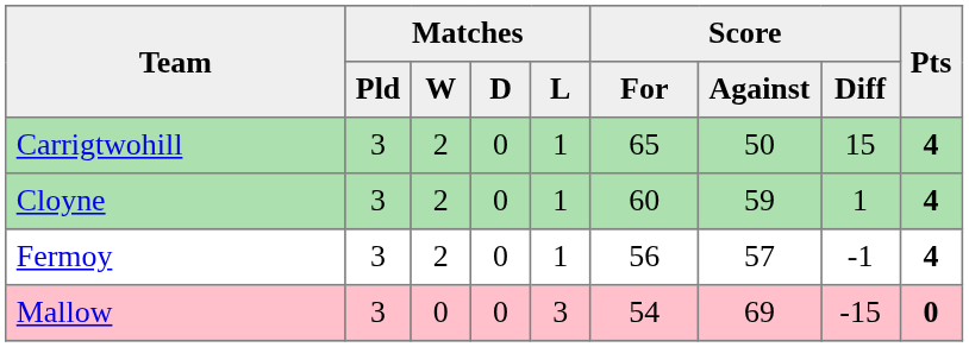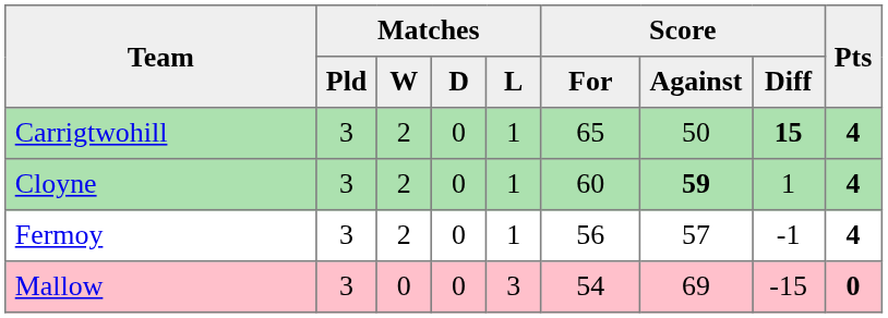 <table style=border-collapse:collapse border=1 cellspacing=0 cellpadding=5>
 <tr align=center bgcolor=#efefef>
 <th rowspan=2 width=165>Team</th>
 <th colspan=4>Matches</th>
 <th colspan=3>Score</th>
 <th rowspan=2width=20>Pts</th>
 </tr>
 <tr align=center bgcolor=#efefef>
 <th width=20>Pld</th>
 <th width=20>W</th>
 <th width=20>D</th>
 <th width=20>L</th>
 <th width=45>For</th>
 <th width=45>Against</th>
 <th width=30>Diff</th>
 </tr>
 <tr align=center style="background:#ACE1AF;">
 <td style="text-align:left;"><a href='#'>Carrigtwohill</a></td>
 <td>3</td>
 <td>2</td>
 <td>0</td>
 <td>1</td>
 <td>65</td>
 <td>50</td>
-<td>15</td>
+<td><strong>15</strong></td>
 <td><strong>4</strong></td>
 </tr>
 <tr align=center style="background:#ACE1AF;">
 <td style="text-align:left;"><a href='#'>Cloyne</a></td>
 <td>3</td>
 <td>2</td>
 <td>0</td>
 <td>1</td>
 <td>60</td>
-<td>59</td>
+<td><strong>59</strong></td>
 <td>1</td>
 <td><strong>4</strong></td>
 </tr>
 <tr align=center>
 <td style="text-align:left;"><a href='#'>Fermoy</a></td>
 <td>3</td>
 <td>2</td>
 <td>0</td>
 <td>1</td>
 <td>56</td>
 <td>57</td>
 <td>-1</td>
 <td><strong>4</strong></td>
 </tr>
 <tr align=center style="background:#FFC0CB;">
 <td style="text-align:left;"><a href='#'>Mallow</a></td>
 <td>3</td>
 <td>0</td>
 <td>0</td>
 <td>3</td>
 <td>54</td>
 <td>69</td>
 <td>-15</td>
 <td><strong>0</strong></td>
 </tr>
 </table>
